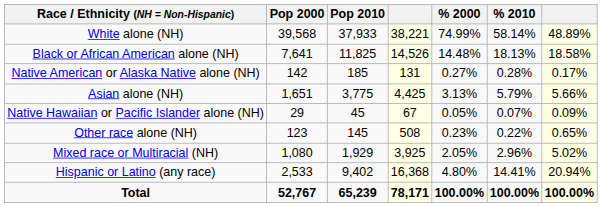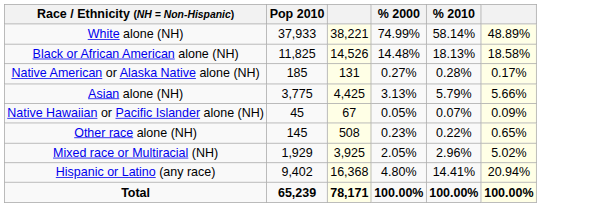 <table class="wikitable" style="text-align:center;">
 <tr>
 <th>Race / Ethnicity <small>(<em>NH = Non-Hispanic</em>)</small></th>
-<th>Pop 2000</th>
 <th>Pop 2010</th>
 <th></th>
 <th>% 2000</th>
 <th>% 2010</th>
 <th></th>
 </tr>
 <tr>
 <td><a href='#'>White</a> alone (NH)</td>
-<td>39,568</td>
 <td>37,933</td>
 <td style='background: #ffffe6;'>38,221</td>
 <td>74.99%</td>
 <td>58.14%</td>
 <td style='background: #ffffe6;'>48.89%</td>
 </tr>
 <tr>
 <td><a href='#'>Black or African American</a> alone (NH)</td>
-<td>7,641</td>
 <td>11,825</td>
 <td style='background: #ffffe6;'>14,526</td>
 <td>14.48%</td>
 <td>18.13%</td>
 <td style='background: #ffffe6;'>18.58%</td>
 </tr>
 <tr>
 <td><a href='#'>Native American</a> or <a href='#'>Alaska Native</a> alone (NH)</td>
-<td>142</td>
 <td>185</td>
 <td style='background: #ffffe6;'>131</td>
 <td>0.27%</td>
 <td>0.28%</td>
 <td style='background: #ffffe6;'>0.17%</td>
 </tr>
 <tr>
 <td><a href='#'>Asian</a> alone (NH)</td>
-<td>1,651</td>
 <td>3,775</td>
 <td style='background: #ffffe6;'>4,425</td>
 <td>3.13%</td>
 <td>5.79%</td>
 <td style='background: #ffffe6;'>5.66%</td>
 </tr>
 <tr>
 <td><a href='#'>Native Hawaiian</a> or <a href='#'>Pacific Islander</a> alone (NH)</td>
-<td>29</td>
 <td>45</td>
 <td style='background: #ffffe6;'>67</td>
 <td>0.05%</td>
 <td>0.07%</td>
 <td style='background: #ffffe6;'>0.09%</td>
 </tr>
 <tr>
 <td><a href='#'>Other race</a> alone (NH)</td>
-<td>123</td>
 <td>145</td>
 <td style='background: #ffffe6;'>508</td>
 <td>0.23%</td>
 <td>0.22%</td>
 <td style='background: #ffffe6;'>0.65%</td>
 </tr>
 <tr>
 <td><a href='#'>Mixed race or Multiracial</a> (NH)</td>
-<td>1,080</td>
 <td>1,929</td>
 <td style='background: #ffffe6;'>3,925</td>
 <td>2.05%</td>
 <td>2.96%</td>
 <td style='background: #ffffe6;'>5.02%</td>
 </tr>
 <tr>
 <td><a href='#'>Hispanic or Latino</a> (any race)</td>
-<td>2,533</td>
 <td>9,402</td>
 <td style='background: #ffffe6;'>16,368</td>
 <td>4.80%</td>
 <td>14.41%</td>
 <td style='background: #ffffe6;'>20.94%</td>
 </tr>
 <tr>
 <td><strong>Total</strong></td>
-<td><strong>52,767</strong></td>
 <td><strong>65,239</strong></td>
 <td style='background: #ffffe6;'><strong>78,171</strong></td>
 <td><strong>100.00%</strong></td>
 <td><strong>100.00%</strong></td>
 <td style='background: #ffffe6;'><strong>100.00%</strong></td>
 </tr>
 </table>
